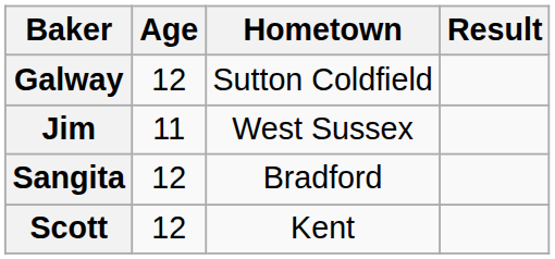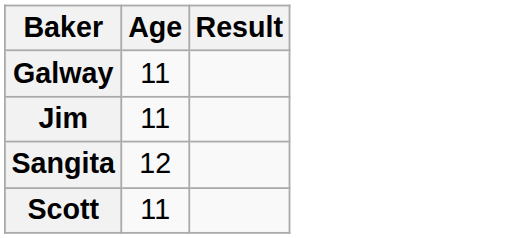 <table class="wikitable sortable" style="display:inline-table; text-align:center">
 <tr>
 <th scope="col">Baker</th>
 <th scope="col">Age</th>
-<th scope="col">Hometown</th>
 <th scope="col">Result</th>
 </tr>
 <tr>
 <th scope="row">Galway</th>
-<td>12</td>
-<td>Sutton Coldfield</td>
+<td>11</td>
 <td></td>
 </tr>
 <tr>
 <th scope="row">Jim</th>
 <td>11</td>
-<td>West Sussex</td>
 <td></td>
 </tr>
 <tr>
 <th scope="row">Sangita</th>
 <td>12</td>
-<td>Bradford</td>
 <td></td>
 </tr>
 <tr>
 <th scope="row">Scott</th>
-<td>12</td>
-<td>Kent</td>
+<td>11</td>
 <td></td>
 </tr>
 </table>
